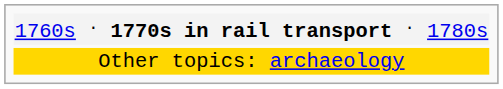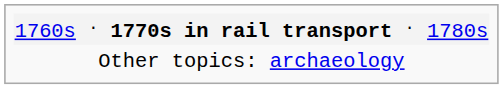 <table class="infobox">
 <tr style="background:#f3f3f3;">
 <td style="text-align:center;"><a href='#'>1760s</a> <sup>.</sup> <strong>1770s in rail transport</strong> <sup>.</sup> <a href='#'>1780s</a></td>
 </tr>
 <tr>
-<td style="background: gold; text-align:center;">Other topics: <a href='#'>archaeology</a></td>
+<td style="text-align:center;">Other topics: <a href='#'>archaeology</a></td>
 </tr>
 </table>
